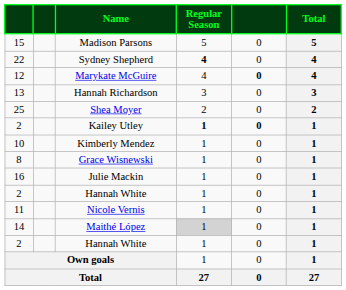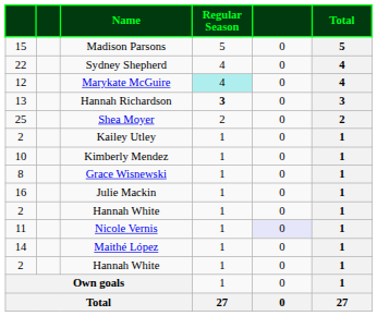 <table class="wikitable sortable" style="text-align:center;">
 <tr>
 <th style="background:#003a0e; color:#00FE1E; border:2px solid #00FE1E; width:35px;" scope="col"></th>
 <th style="background:#003a0e; color:#00FE1E; border:2px solid #00FE1E; width:25px;" scope="col"></th>
 <th style="background:#003a0e; color:#00FE1E; border:2px solid #00FE1E; width:175px;" scope="col">Name</th>
 <th style="background:#003a0e; color:#00FE1E; border:2px solid #00FE1E; width:75px;" scope="col">Regular Season</th>
 <th style="background:#003a0e; color:#00FE1E; border:2px solid #00FE1E; width:75px;" scope="col"></th>
 <th style="background:#003a0e; color:#00FE1E; border:2px solid #00FE1E; width:75px;" scope="col">Total</th>
 </tr>
 <tr>
 <td>15</td>
 <td></td>
 <td>Madison Parsons</td>
 <td>5</td>
 <td>0</td>
 <th>5</th>
 </tr>
 <tr>
 <td>22</td>
 <td></td>
 <td>Sydney Shepherd</td>
-<td><strong>4</strong></td>
+<td>4</td>
 <td>0</td>
 <th>4</th>
 </tr>
 <tr>
 <td>12</td>
 <td></td>
 <td><a href='#'>Marykate McGuire</a></td>
-<td>4</td>
-<td><strong>0</strong></td>
+<td style="background: paleturquoise;">4</td>
+<td>0</td>
 <th>4</th>
 </tr>
 <tr>
 <td>13</td>
 <td></td>
 <td>Hannah Richardson</td>
-<td>3</td>
+<td><strong>3</strong></td>
 <td>0</td>
 <th>3</th>
 </tr>
 <tr>
 <td>25</td>
 <td></td>
 <td><a href='#'>Shea Moyer</a></td>
 <td>2</td>
 <td>0</td>
 <th>2</th>
 </tr>
 <tr>
 <td>2</td>
 <td></td>
 <td>Kailey Utley</td>
-<td><strong>1</strong></td>
-<td><strong>0</strong></td>
+<td>1</td>
+<td>0</td>
 <th>1</th>
 </tr>
 <tr>
 <td>10</td>
 <td></td>
 <td>Kimberly Mendez</td>
 <td>1</td>
 <td>0</td>
 <th>1</th>
 </tr>
 <tr>
 <td>8</td>
 <td></td>
 <td><a href='#'>Grace Wisnewski</a></td>
 <td>1</td>
 <td>0</td>
 <th>1</th>
 </tr>
 <tr>
 <td>16</td>
 <td></td>
 <td>Julie Mackin</td>
 <td>1</td>
 <td>0</td>
 <th>1</th>
 </tr>
 <tr>
 <td>2</td>
 <td></td>
 <td>Hannah White</td>
 <td>1</td>
 <td>0</td>
 <th>1</th>
 </tr>
 <tr>
 <td>11</td>
 <td></td>
 <td><a href='#'>Nicole Vernis</a></td>
 <td>1</td>
-<td>0</td>
+<td style="background: lavender;">0</td>
 <th>1</th>
 </tr>
 <tr>
 <td>14</td>
 <td></td>
 <td><a href='#'>Maithé López</a></td>
-<td style="background: lightgrey;">1</td>
+<td>1</td>
 <td>0</td>
 <th>1</th>
 </tr>
 <tr>
 <td>2</td>
 <td></td>
 <td>Hannah White</td>
 <td>1</td>
 <td>0</td>
 <th>1</th>
 </tr>
 <tr>
 <th colspan="3">Own goals</th>
 <td>1</td>
 <td>0</td>
 <th>1</th>
 </tr>
 <tr>
 <th colspan="3">Total</th>
 <th>27</th>
 <th>0</th>
 <th>27</th>
 </tr>
 </table>
